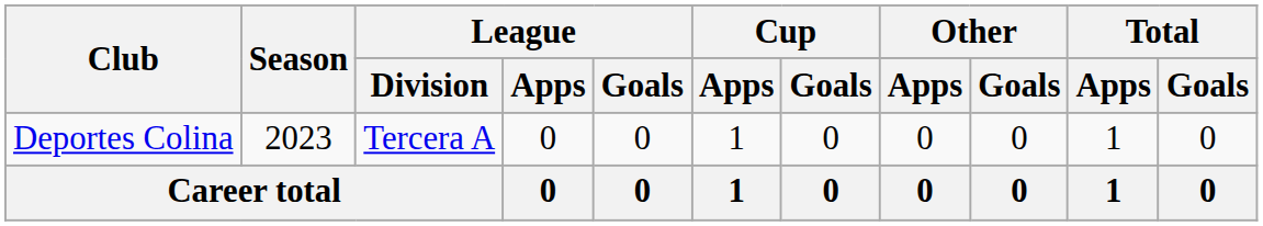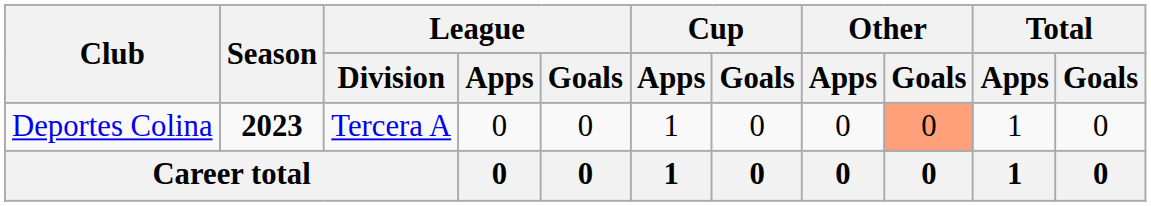 <table class="wikitable" style="text-align:center">
 <tr>
 <th rowspan="2">Club</th>
 <th rowspan="2">Season</th>
 <th colspan="3">League</th>
 <th colspan="2">Cup</th>
 <th colspan="2">Other</th>
 <th colspan="2">Total</th>
 </tr>
 <tr>
 <th>Division</th>
 <th>Apps</th>
 <th>Goals</th>
 <th>Apps</th>
 <th>Goals</th>
 <th>Apps</th>
 <th>Goals</th>
 <th>Apps</th>
 <th>Goals</th>
 </tr>
 <tr>
 <td><a href='#'>Deportes Colina</a></td>
-<td>2023</td>
+<td><strong>2023</strong></td>
 <td><a href='#'>Tercera A</a></td>
 <td>0</td>
 <td>0</td>
 <td>1</td>
 <td>0</td>
 <td>0</td>
-<td>0</td>
+<td style="background: lightsalmon;">0</td>
 <td>1</td>
 <td>0</td>
 </tr>
 <tr>
 <th colspan=3><strong>Career total</strong></th>
 <th>0</th>
 <th>0</th>
 <th>1</th>
 <th>0</th>
 <th>0</th>
 <th>0</th>
 <th>1</th>
 <th>0</th>
 </tr>
 </table>
